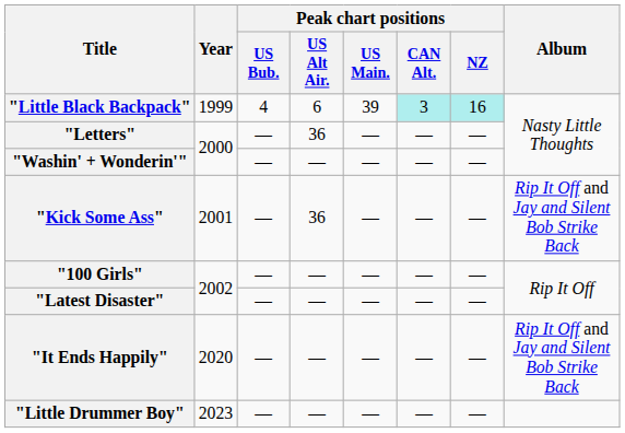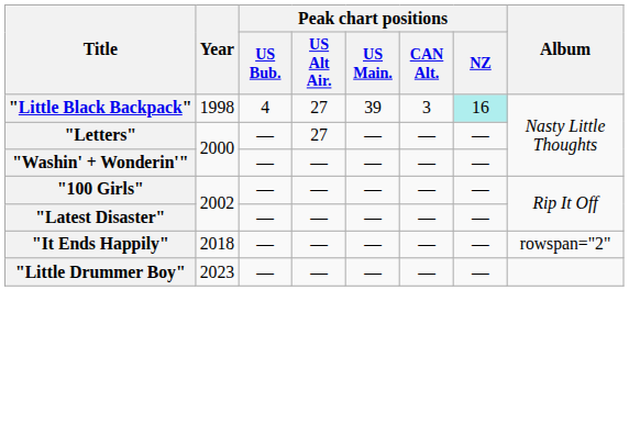 <table class="wikitable plainrowheaders" style="text-align:center;">
 <tr>
 <th rowspan="2">Title</th>
 <th rowspan="2" style="width:28px;">Year</th>
 <th colspan="5">Peak chart positions</th>
 <th style="width:100px;" rowspan="2">Album</th>
 </tr>
 <tr>
 <th scope="col" style="width:3em;font-size:90%;"><a href='#'>US<br>Bub.</a><br></th>
 <th scope="col" style="width:3em;font-size:90%;"><a href='#'>US<br>Alt<br>Air.</a><br></th>
 <th scope="col" style="width:3em;font-size:90%;"><a href='#'>US<br>Main.</a></th>
 <th scope="col" style="width:3em;font-size:90%;"><a href='#'>CAN<br>Alt.</a></th>
 <th scope="col" style="width:3em;font-size:90%;"><a href='#'>NZ</a></th>
 </tr>
 <tr>
 <th scope="row">"<a href='#'>Little Black Backpack</a>"</th>
-<td>1999</td>
+<td>1998</td>
 <td>4</td>
-<td>6</td>
+<td>27</td>
 <td style="text-align:center;">39</td>
-<td style="background: paleturquoise; text-align:center;">3</td>
+<td style="text-align:center;">3</td>
 <td style="background: paleturquoise; text-align:center;">16</td>
 <td rowspan="3"><em>Nasty Little Thoughts</em></td>
 </tr>
 <tr>
 <th scope="row">"Letters"</th>
 <td rowspan="2">2000</td>
 <td>—</td>
-<td>36</td>
+<td>27</td>
 <td style="text-align:center;">—</td>
 <td style="text-align:center;">—</td>
 <td style="text-align:center;">—</td>
 </tr>
 <tr>
 <th scope="row">"Washin' + Wonderin'"</th>
 <td>—</td>
 <td>—</td>
 <td>—</td>
 <td>—</td>
 <td>—</td>
-</tr>
-<tr>
-<th scope="row">"<a href='#'>Kick Some Ass</a>"</th>
-<td>2001</td>
-<td>—</td>
-<td>36</td>
-<td style="text-align:center;">—</td>
-<td style="text-align:center;">—</td>
-<td style="text-align:center;">—</td>
-<td><em><a href='#'>Rip It Off</a></em> and <em><a href='#'>Jay and Silent Bob Strike Back</a></em></td>
 </tr>
 <tr>
 <th scope="row">"100 Girls"</th>
 <td rowspan="2">2002</td>
 <td>—</td>
 <td>—</td>
 <td>—</td>
 <td>—</td>
 <td>—</td>
 <td rowspan="2"><em>Rip It Off</em></td>
 </tr>
 <tr>
 <th scope="row">"Latest Disaster"</th>
 <td>—</td>
 <td>—</td>
 <td>—</td>
 <td>—</td>
 <td>—</td>
 </tr>
 <tr>
 <th scope="row">"It Ends Happily"</th>
-<td>2020</td>
+<td>2018</td>
 <td>—</td>
 <td>—</td>
 <td>—</td>
 <td>—</td>
 <td>—</td>
-<td><em><a href='#'>Rip It Off</a></em> and <em><a href='#'>Jay and Silent Bob Strike Back</a></em></td>
+<td>rowspan="2" </td>
 </tr>
 <tr>
 <th scope="row">"Little Drummer Boy"</th>
 <td>2023</td>
 <td>—</td>
 <td>—</td>
 <td>—</td>
 <td>—</td>
 <td>—</td>
 </tr>
 </table>
